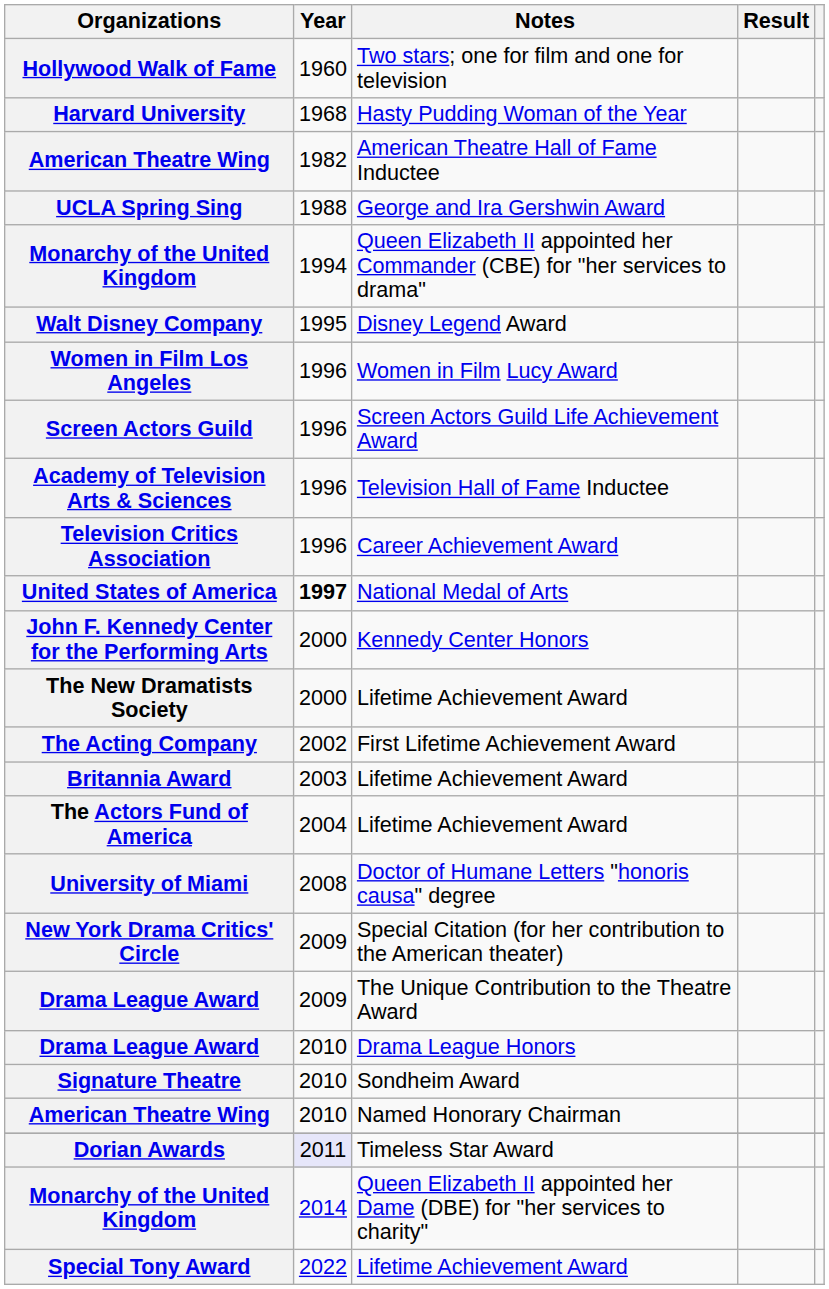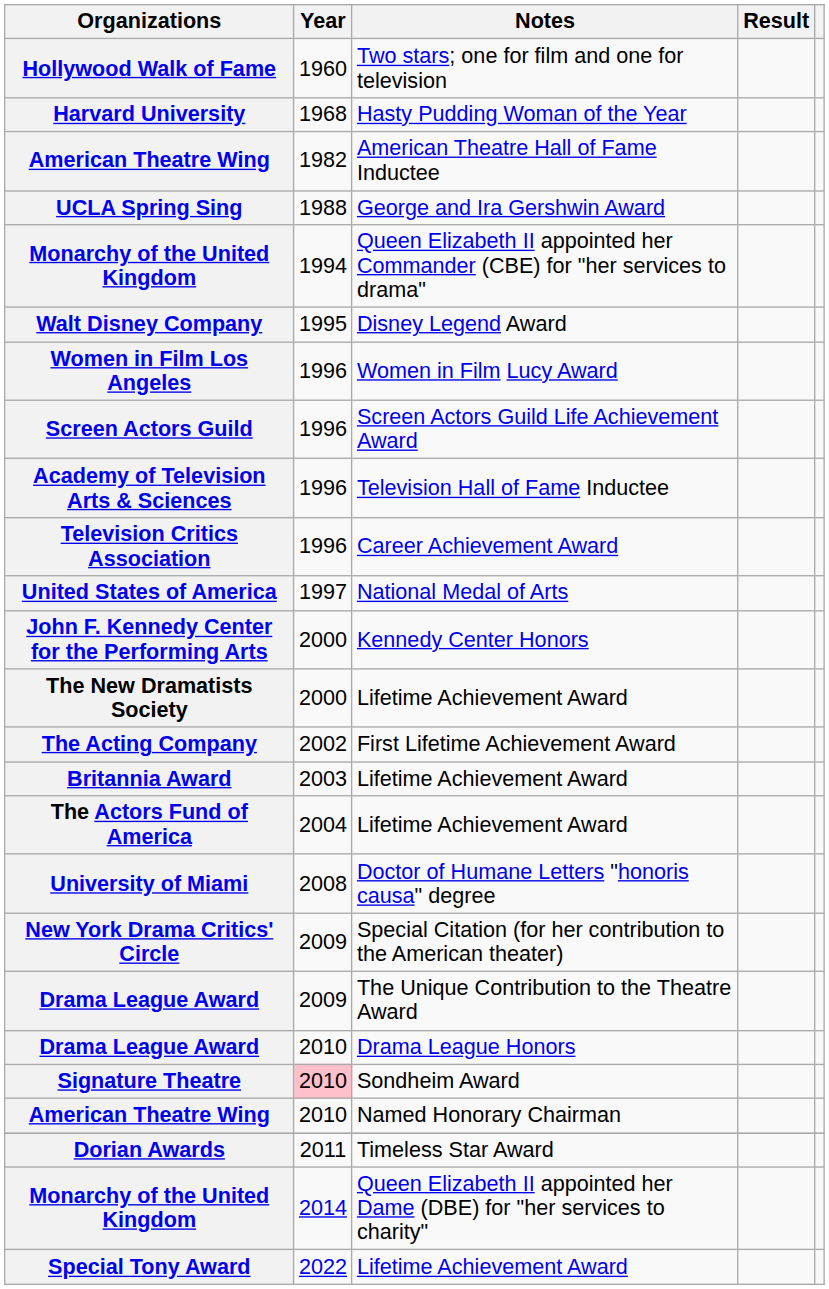 <table class= "wikitable plainrowheaders sortable">
 <tr>
 <th>Organizations</th>
 <th scope="col">Year</th>
 <th scope="col">Notes</th>
 <th scope="col">Result</th>
 <th scope="col" class="unsortable"></th>
 </tr>
 <tr>
 <th rowspan="1" scope="row"><a href='#'>Hollywood Walk of Fame</a></th>
 <td style="text-align:center;">1960</td>
 <td><a href='#'>Two stars</a>; one for film and one for television</td>
 <td></td>
 <td style="text-align:center;"></td>
 </tr>
 <tr>
 <th rowspan="1" scope="row"><a href='#'>Harvard University</a></th>
 <td style="text-align:center;">1968</td>
 <td><a href='#'>Hasty Pudding Woman of the Year</a></td>
 <td></td>
 <td style="text-align:center;"></td>
 </tr>
 <tr>
 <th rowspan="1" scope="row"><a href='#'>American Theatre Wing</a></th>
 <td style="text-align:center;">1982</td>
 <td><a href='#'>American Theatre Hall of Fame</a> Inductee</td>
 <td></td>
 <td style="text-align:center;"></td>
 </tr>
 <tr>
 <th rowspan="1" scope="row"><a href='#'>UCLA Spring Sing</a></th>
 <td style="text-align:center;">1988</td>
 <td><a href='#'>George and Ira Gershwin Award</a></td>
 <td></td>
 <td style="text-align:center;"></td>
 </tr>
 <tr>
 <th rowspan="1" scope="row"><a href='#'>Monarchy of the United Kingdom</a></th>
 <td style="text-align:center;">1994</td>
 <td><a href='#'>Queen Elizabeth II</a> appointed her <a href='#'>Commander</a> (CBE) for "her services to drama"</td>
 <td></td>
 <td style="text-align:center;"></td>
 </tr>
 <tr>
 <th rowspan="1" scope="row"><a href='#'>Walt Disney Company</a></th>
 <td style="text-align:center;">1995</td>
 <td><a href='#'>Disney Legend</a> Award</td>
 <td></td>
 <td style="text-align:center;"></td>
 </tr>
 <tr>
 <th rowspan="1" scope="row"><a href='#'>Women in Film Los Angeles</a></th>
 <td style="text-align:center;">1996</td>
 <td><a href='#'>Women in Film</a> <a href='#'>Lucy Award</a></td>
 <td></td>
 <td style="text-align:center;"></td>
 </tr>
 <tr>
 <th rowspan="1" scope="row"><a href='#'>Screen Actors Guild</a></th>
 <td style="text-align:center;">1996</td>
 <td><a href='#'>Screen Actors Guild Life Achievement Award</a></td>
 <td></td>
 <td style="text-align:center;"></td>
 </tr>
 <tr>
 <th rowspan="1" scope="row"><a href='#'>Academy of Television Arts & Sciences</a></th>
 <td style="text-align:center;">1996</td>
 <td><a href='#'>Television Hall of Fame</a> Inductee</td>
 <td></td>
 <td style="text-align:center;"></td>
 </tr>
 <tr>
 <th rowspan="1" scope="row"><a href='#'>Television Critics Association</a></th>
 <td style="text-align:center;">1996</td>
 <td><a href='#'>Career Achievement Award</a></td>
 <td></td>
 <td style="text-align:center;"></td>
 </tr>
 <tr>
 <th rowspan="1" scope="row"><a href='#'>United States of America</a></th>
-<td style="text-align:center;"><strong>1997</strong></td>
+<td style="text-align:center;">1997</td>
 <td><a href='#'>National Medal of Arts</a></td>
 <td></td>
 <td style="text-align:center;"></td>
 </tr>
 <tr>
 <th rowspan="1" scope="row"><a href='#'>John F. Kennedy Center for the Performing Arts</a></th>
 <td style="text-align:center;">2000</td>
 <td><a href='#'>Kennedy Center Honors</a></td>
 <td></td>
 <td style="text-align:center;"></td>
 </tr>
 <tr>
 <th rowspan="1" scope="row">The New Dramatists Society</th>
 <td style="text-align:center;">2000</td>
 <td>Lifetime Achievement Award</td>
 <td></td>
 <td style="text-align:center;"></td>
 </tr>
 <tr>
 <th rowspan="1" scope="row"><a href='#'>The Acting Company</a></th>
 <td style="text-align:center;">2002</td>
 <td>First Lifetime Achievement Award</td>
 <td></td>
 <td style="text-align:center;"></td>
 </tr>
 <tr>
 <th rowspan="1" scope="row"><a href='#'>Britannia Award</a></th>
 <td style="text-align:center;">2003</td>
 <td>Lifetime Achievement Award</td>
 <td></td>
 <td style="text-align:center;"></td>
 </tr>
 <tr>
 <th rowspan="1" scope="row">The <a href='#'>Actors Fund of America</a></th>
 <td style="text-align:center;">2004</td>
 <td>Lifetime Achievement Award</td>
 <td></td>
 <td style="text-align:center;"></td>
 </tr>
 <tr>
 <th rowspan="1" scope="row"><a href='#'>University of Miami</a></th>
 <td style="text-align:center;">2008</td>
 <td><a href='#'>Doctor of Humane Letters</a> "<a href='#'>honoris causa</a>" degree</td>
 <td></td>
 <td style="text-align:center;"></td>
 </tr>
 <tr>
 <th rowspan="1" scope="row"><a href='#'>New York Drama Critics' Circle</a></th>
 <td style="text-align:center;">2009</td>
 <td>Special Citation (for her contribution to the American theater)</td>
 <td></td>
 <td style="text-align:center;"></td>
 </tr>
 <tr>
 <th rowspan="1" scope="row"><a href='#'>Drama League Award</a></th>
 <td style="text-align:center;">2009</td>
 <td>The Unique Contribution to the Theatre Award</td>
 <td></td>
 <td style="text-align:center;"></td>
 </tr>
 <tr>
 <th rowspan="1" scope="row"><a href='#'>Drama League Award</a></th>
 <td style="text-align:center;">2010</td>
 <td><a href='#'>Drama League Honors</a></td>
 <td></td>
 <td style="text-align:center;"></td>
 </tr>
 <tr>
 <th rowspan="1" scope="row"><a href='#'>Signature Theatre</a></th>
-<td style="text-align:center;">2010</td>
+<td style="background: pink; text-align:center;">2010</td>
 <td>Sondheim Award</td>
 <td></td>
 <td style="text-align:center;"></td>
 </tr>
 <tr>
 <th rowspan="1" scope="row"><a href='#'>American Theatre Wing</a></th>
 <td style="text-align:center;">2010</td>
 <td>Named Honorary Chairman</td>
 <td></td>
 <td style="text-align:center;"></td>
 </tr>
 <tr>
 </tr>
 <tr>
 <th rowspan="1" scope="row"><a href='#'>Dorian Awards</a></th>
-<td style="background: lavender; text-align:center;">2011</td>
+<td style="text-align:center;">2011</td>
 <td>Timeless Star Award</td>
 <td></td>
 <td style="text-align:center;"></td>
 </tr>
 <tr>
 <th rowspan="1" scope="row"><a href='#'>Monarchy of the United Kingdom</a></th>
 <td style="text-align:center;"><a href='#'>2014</a></td>
 <td><a href='#'>Queen Elizabeth II</a> appointed her <a href='#'>Dame</a> (DBE) for "her services to charity"</td>
 <td></td>
 <td style="text-align:center;"></td>
 </tr>
 <tr>
 <th rowspan="1" scope="row"><a href='#'>Special Tony Award</a></th>
 <td style="text-align:center;"><a href='#'>2022</a></td>
 <td><a href='#'>Lifetime Achievement Award</a></td>
 <td></td>
 <td style="text-align:center;"></td>
 </tr>
 <tr>
 </tr>
 </table>
